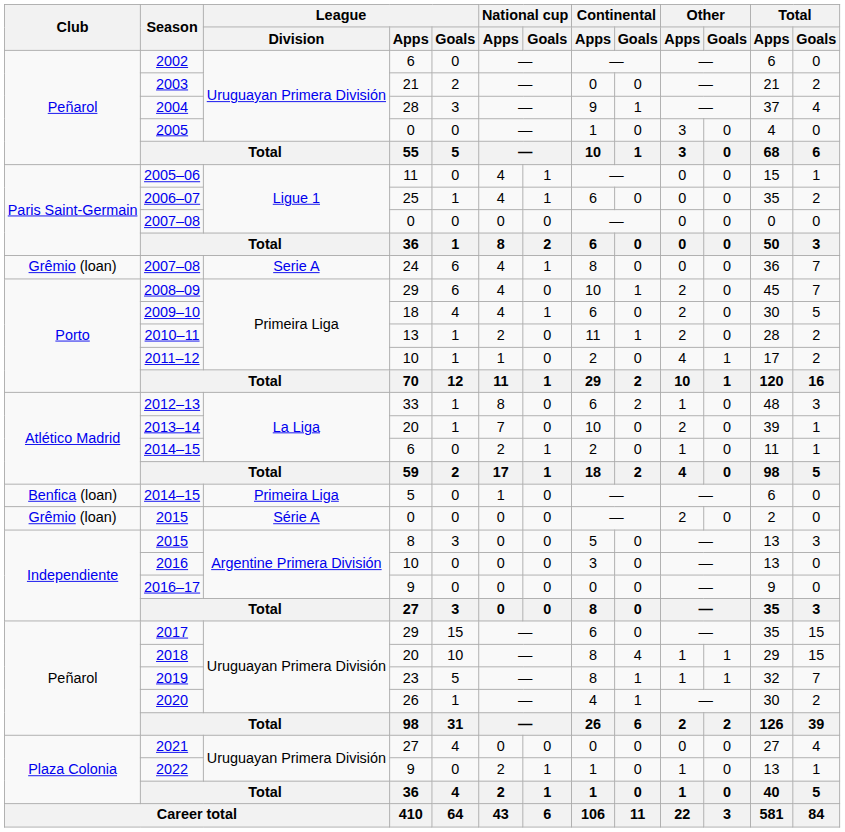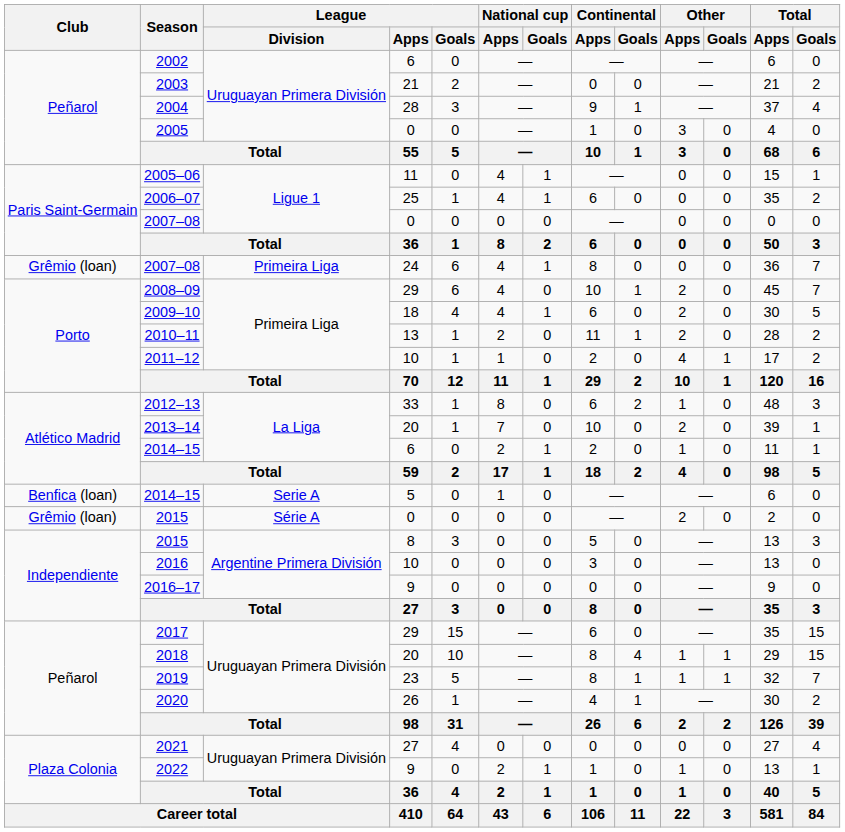 <table class="wikitable" style="text-align:center">
 <tr>
 <th rowspan="2">Club</th>
 <th rowspan="2">Season</th>
 <th colspan="3">League</th>
 <th colspan="2">National cup</th>
 <th colspan="2">Continental</th>
 <th colspan="2">Other</th>
 <th colspan="2">Total</th>
 </tr>
 <tr>
 <th>Division</th>
 <th>Apps</th>
 <th>Goals</th>
 <th>Apps</th>
 <th>Goals</th>
 <th>Apps</th>
 <th>Goals</th>
 <th>Apps</th>
 <th>Goals</th>
 <th>Apps</th>
 <th>Goals</th>
 </tr>
 <tr>
 <td rowspan="5"><a href='#'>Peñarol</a></td>
 <td><a href='#'>2002</a></td>
 <td rowspan="4"><a href='#'>Uruguayan Primera División</a></td>
 <td>6</td>
 <td>0</td>
 <td colspan="2“">—</td>
 <td colspan="2“">—</td>
 <td colspan="2“">—</td>
 <td>6</td>
 <td>0</td>
 </tr>
 <tr>
 <td><a href='#'>2003</a></td>
 <td>21</td>
 <td>2</td>
 <td colspan="2“">—</td>
 <td>0</td>
 <td>0</td>
 <td colspan="2“">—</td>
 <td>21</td>
 <td>2</td>
 </tr>
 <tr>
 <td><a href='#'>2004</a></td>
 <td>28</td>
 <td>3</td>
 <td colspan="2“">—</td>
 <td>9</td>
 <td>1</td>
 <td colspan="2“">—</td>
 <td>37</td>
 <td>4</td>
 </tr>
 <tr>
 <td><a href='#'>2005</a></td>
 <td>0</td>
 <td>0</td>
 <td colspan="2“">—</td>
 <td>1</td>
 <td>0</td>
 <td>3</td>
 <td>0</td>
 <td>4</td>
 <td>0</td>
 </tr>
 <tr>
 <th colspan="2">Total</th>
 <th>55</th>
 <th>5</th>
 <th colspan="2“">—</th>
 <th>10</th>
 <th>1</th>
 <th>3</th>
 <th>0</th>
 <th>68</th>
 <th>6</th>
 </tr>
 <tr>
 <td rowspan="4"><a href='#'>Paris Saint-Germain</a></td>
 <td><a href='#'>2005–06</a></td>
 <td rowspan="3"><a href='#'>Ligue 1</a></td>
 <td>11</td>
 <td>0</td>
 <td>4</td>
 <td>1</td>
 <td colspan="2“">—</td>
 <td>0</td>
 <td>0</td>
 <td>15</td>
 <td>1</td>
 </tr>
 <tr>
 <td><a href='#'>2006–07</a></td>
 <td>25</td>
 <td>1</td>
 <td>4</td>
 <td>1</td>
 <td>6</td>
 <td>0</td>
 <td>0</td>
 <td>0</td>
 <td>35</td>
 <td>2</td>
 </tr>
 <tr>
 <td><a href='#'>2007–08</a></td>
 <td>0</td>
 <td>0</td>
 <td>0</td>
 <td>0</td>
 <td colspan="2“">—</td>
 <td>0</td>
 <td>0</td>
 <td>0</td>
 <td>0</td>
 </tr>
 <tr>
 <th colspan="2">Total</th>
 <th>36</th>
 <th>1</th>
 <th>8</th>
 <th>2</th>
 <th>6</th>
 <th>0</th>
 <th>0</th>
 <th>0</th>
 <th>50</th>
 <th>3</th>
 </tr>
 <tr>
 <td><a href='#'>Grêmio</a> (loan)</td>
 <td><a href='#'>2007–08</a></td>
-<td><a href='#'>Serie A</a></td>
+<td><a href='#'>Primeira Liga</a></td>
 <td>24</td>
 <td>6</td>
 <td>4</td>
 <td>1</td>
 <td>8</td>
 <td>0</td>
 <td>0</td>
 <td>0</td>
 <td>36</td>
 <td>7</td>
 </tr>
 <tr>
 <td rowspan="5"><a href='#'>Porto</a></td>
 <td><a href='#'>2008–09</a></td>
 <td rowspan="4">Primeira Liga</td>
 <td>29</td>
 <td>6</td>
 <td>4</td>
 <td>0</td>
 <td>10</td>
 <td>1</td>
 <td>2</td>
 <td>0</td>
 <td>45</td>
 <td>7</td>
 </tr>
 <tr>
 <td><a href='#'>2009–10</a></td>
 <td>18</td>
 <td>4</td>
 <td>4</td>
 <td>1</td>
 <td>6</td>
 <td>0</td>
 <td>2</td>
 <td>0</td>
 <td>30</td>
 <td>5</td>
 </tr>
 <tr>
 <td><a href='#'>2010–11</a></td>
 <td>13</td>
 <td>1</td>
 <td>2</td>
 <td>0</td>
 <td>11</td>
 <td>1</td>
 <td>2</td>
 <td>0</td>
 <td>28</td>
 <td>2</td>
 </tr>
 <tr>
 <td><a href='#'>2011–12</a></td>
 <td>10</td>
 <td>1</td>
 <td>1</td>
 <td>0</td>
 <td>2</td>
 <td>0</td>
 <td>4</td>
 <td>1</td>
 <td>17</td>
 <td>2</td>
 </tr>
 <tr>
 <th colspan="2">Total</th>
 <th>70</th>
 <th>12</th>
 <th>11</th>
 <th>1</th>
 <th>29</th>
 <th>2</th>
 <th>10</th>
 <th>1</th>
 <th>120</th>
 <th>16</th>
 </tr>
 <tr>
 <td rowspan="4"><a href='#'>Atlético Madrid</a></td>
 <td><a href='#'>2012–13</a></td>
 <td rowspan="3"><a href='#'>La Liga</a></td>
 <td>33</td>
 <td>1</td>
 <td>8</td>
 <td>0</td>
 <td>6</td>
 <td>2</td>
 <td>1</td>
 <td>0</td>
 <td>48</td>
 <td>3</td>
 </tr>
 <tr>
 <td><a href='#'>2013–14</a></td>
 <td>20</td>
 <td>1</td>
 <td>7</td>
 <td>0</td>
 <td>10</td>
 <td>0</td>
 <td>2</td>
 <td>0</td>
 <td>39</td>
 <td>1</td>
 </tr>
 <tr>
 <td><a href='#'>2014–15</a></td>
 <td>6</td>
 <td>0</td>
 <td>2</td>
 <td>1</td>
 <td>2</td>
 <td>0</td>
 <td>1</td>
 <td>0</td>
 <td>11</td>
 <td>1</td>
 </tr>
 <tr>
 <th colspan="2">Total</th>
 <th>59</th>
 <th>2</th>
 <th>17</th>
 <th>1</th>
 <th>18</th>
 <th>2</th>
 <th>4</th>
 <th>0</th>
 <th>98</th>
 <th>5</th>
 </tr>
 <tr>
 <td><a href='#'>Benfica</a> (loan)</td>
 <td><a href='#'>2014–15</a></td>
-<td><a href='#'>Primeira Liga</a></td>
+<td><a href='#'>Serie A</a></td>
 <td>5</td>
 <td>0</td>
 <td>1</td>
 <td>0</td>
 <td colspan="2“">—</td>
 <td colspan="2“">—</td>
 <td>6</td>
 <td>0</td>
 </tr>
 <tr>
 <td><a href='#'>Grêmio</a> (loan)</td>
 <td><a href='#'>2015</a></td>
 <td><a href='#'>Série A</a></td>
 <td>0</td>
 <td>0</td>
 <td>0</td>
 <td>0</td>
 <td colspan="2“">—</td>
 <td>2</td>
 <td>0</td>
 <td>2</td>
 <td>0</td>
 </tr>
 <tr>
 <td rowspan="4"><a href='#'>Independiente</a></td>
 <td><a href='#'>2015</a></td>
 <td rowspan="3"><a href='#'>Argentine Primera División</a></td>
 <td>8</td>
 <td>3</td>
 <td>0</td>
 <td>0</td>
 <td>5</td>
 <td>0</td>
 <td colspan="2“">—</td>
 <td>13</td>
 <td>3</td>
 </tr>
 <tr>
 <td><a href='#'>2016</a></td>
 <td>10</td>
 <td>0</td>
 <td>0</td>
 <td>0</td>
 <td>3</td>
 <td>0</td>
 <td colspan="2“">—</td>
 <td>13</td>
 <td>0</td>
 </tr>
 <tr>
 <td><a href='#'>2016–17</a></td>
 <td>9</td>
 <td>0</td>
 <td>0</td>
 <td>0</td>
 <td>0</td>
 <td>0</td>
 <td colspan="2“">—</td>
 <td>9</td>
 <td>0</td>
 </tr>
 <tr>
 <th colspan="2">Total</th>
 <th>27</th>
 <th>3</th>
 <th>0</th>
 <th>0</th>
 <th>8</th>
 <th>0</th>
 <th colspan="2“">—</th>
 <th>35</th>
 <th>3</th>
 </tr>
 <tr>
 <td rowspan="5">Peñarol</td>
 <td><a href='#'>2017</a></td>
 <td rowspan="4">Uruguayan Primera División</td>
 <td>29</td>
 <td>15</td>
 <td colspan="2“">—</td>
 <td>6</td>
 <td>0</td>
 <td colspan="2“">—</td>
 <td>35</td>
 <td>15</td>
 </tr>
 <tr>
 <td><a href='#'>2018</a></td>
 <td>20</td>
 <td>10</td>
 <td colspan="2“">—</td>
 <td>8</td>
 <td>4</td>
 <td>1</td>
 <td>1</td>
 <td>29</td>
 <td>15</td>
 </tr>
 <tr>
 <td><a href='#'>2019</a></td>
 <td>23</td>
 <td>5</td>
 <td colspan="2“">—</td>
 <td>8</td>
 <td>1</td>
 <td>1</td>
 <td>1</td>
 <td>32</td>
 <td>7</td>
 </tr>
 <tr>
 <td><a href='#'>2020</a></td>
 <td>26</td>
 <td>1</td>
 <td colspan="2“">—</td>
 <td>4</td>
 <td>1</td>
 <td colspan="2“">—</td>
 <td>30</td>
 <td>2</td>
 </tr>
 <tr>
 <th colspan="2">Total</th>
 <th>98</th>
 <th>31</th>
 <th colspan="2“">—</th>
 <th>26</th>
 <th>6</th>
 <th>2</th>
 <th>2</th>
 <th>126</th>
 <th>39</th>
 </tr>
 <tr>
 <td rowspan="3"><a href='#'>Plaza Colonia</a></td>
 <td><a href='#'>2021</a></td>
 <td rowspan="2">Uruguayan Primera División</td>
 <td>27</td>
 <td>4</td>
 <td>0</td>
 <td>0</td>
 <td>0</td>
 <td>0</td>
 <td>0</td>
 <td>0</td>
 <td>27</td>
 <td>4</td>
 </tr>
 <tr>
 <td><a href='#'>2022</a></td>
 <td>9</td>
 <td>0</td>
 <td>2</td>
 <td>1</td>
 <td>1</td>
 <td>0</td>
 <td>1</td>
 <td>0</td>
 <td>13</td>
 <td>1</td>
 </tr>
 <tr>
 <th colspan="2">Total</th>
 <th>36</th>
 <th>4</th>
 <th>2</th>
 <th>1</th>
 <th>1</th>
 <th>0</th>
 <th>1</th>
 <th>0</th>
 <th>40</th>
 <th>5</th>
 </tr>
 <tr>
 <th colspan="3">Career total</th>
 <th>410</th>
 <th>64</th>
 <th>43</th>
 <th>6</th>
 <th>106</th>
 <th>11</th>
 <th>22</th>
 <th>3</th>
 <th>581</th>
 <th>84</th>
 </tr>
 </table>
